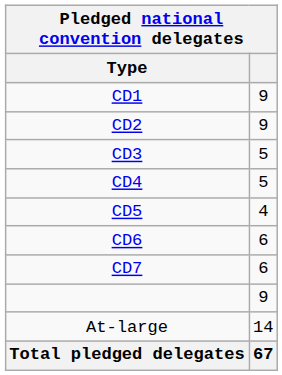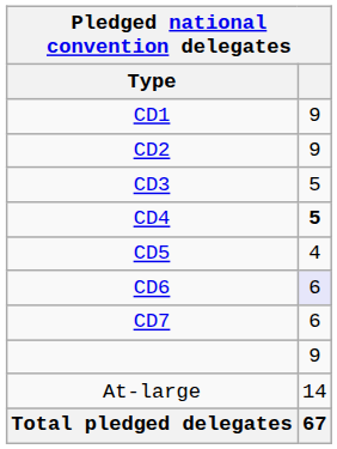 <table class="wikitable sortable" style="font-size:90%;text-align:center;float:right;padding:5px;">
 <tr>
 <th colspan="2">Pledged <a href='#'>national<br>convention</a> delegates</th>
 </tr>
 <tr>
 <th>Type</th>
 <th></th>
 </tr>
 <tr>
 <td><a href='#'>CD1</a></td>
 <td>9</td>
 </tr>
 <tr>
 <td><a href='#'>CD2</a></td>
 <td>9</td>
 </tr>
 <tr>
 <td><a href='#'>CD3</a></td>
 <td>5</td>
 </tr>
 <tr>
 <td><a href='#'>CD4</a></td>
-<td>5</td>
+<td><strong>5</strong></td>
 </tr>
 <tr>
 <td><a href='#'>CD5</a></td>
 <td>4</td>
 </tr>
 <tr>
 <td><a href='#'>CD6</a></td>
-<td>6</td>
+<td style="background: lavender;">6</td>
 </tr>
 <tr>
 <td><a href='#'>CD7</a></td>
 <td>6</td>
 </tr>
 <tr>
 <td></td>
 <td>9</td>
 </tr>
 <tr>
 <td>At-large</td>
 <td>14</td>
 </tr>
 <tr>
 <th>Total pledged delegates</th>
 <th>67</th>
 </tr>
 </table>
